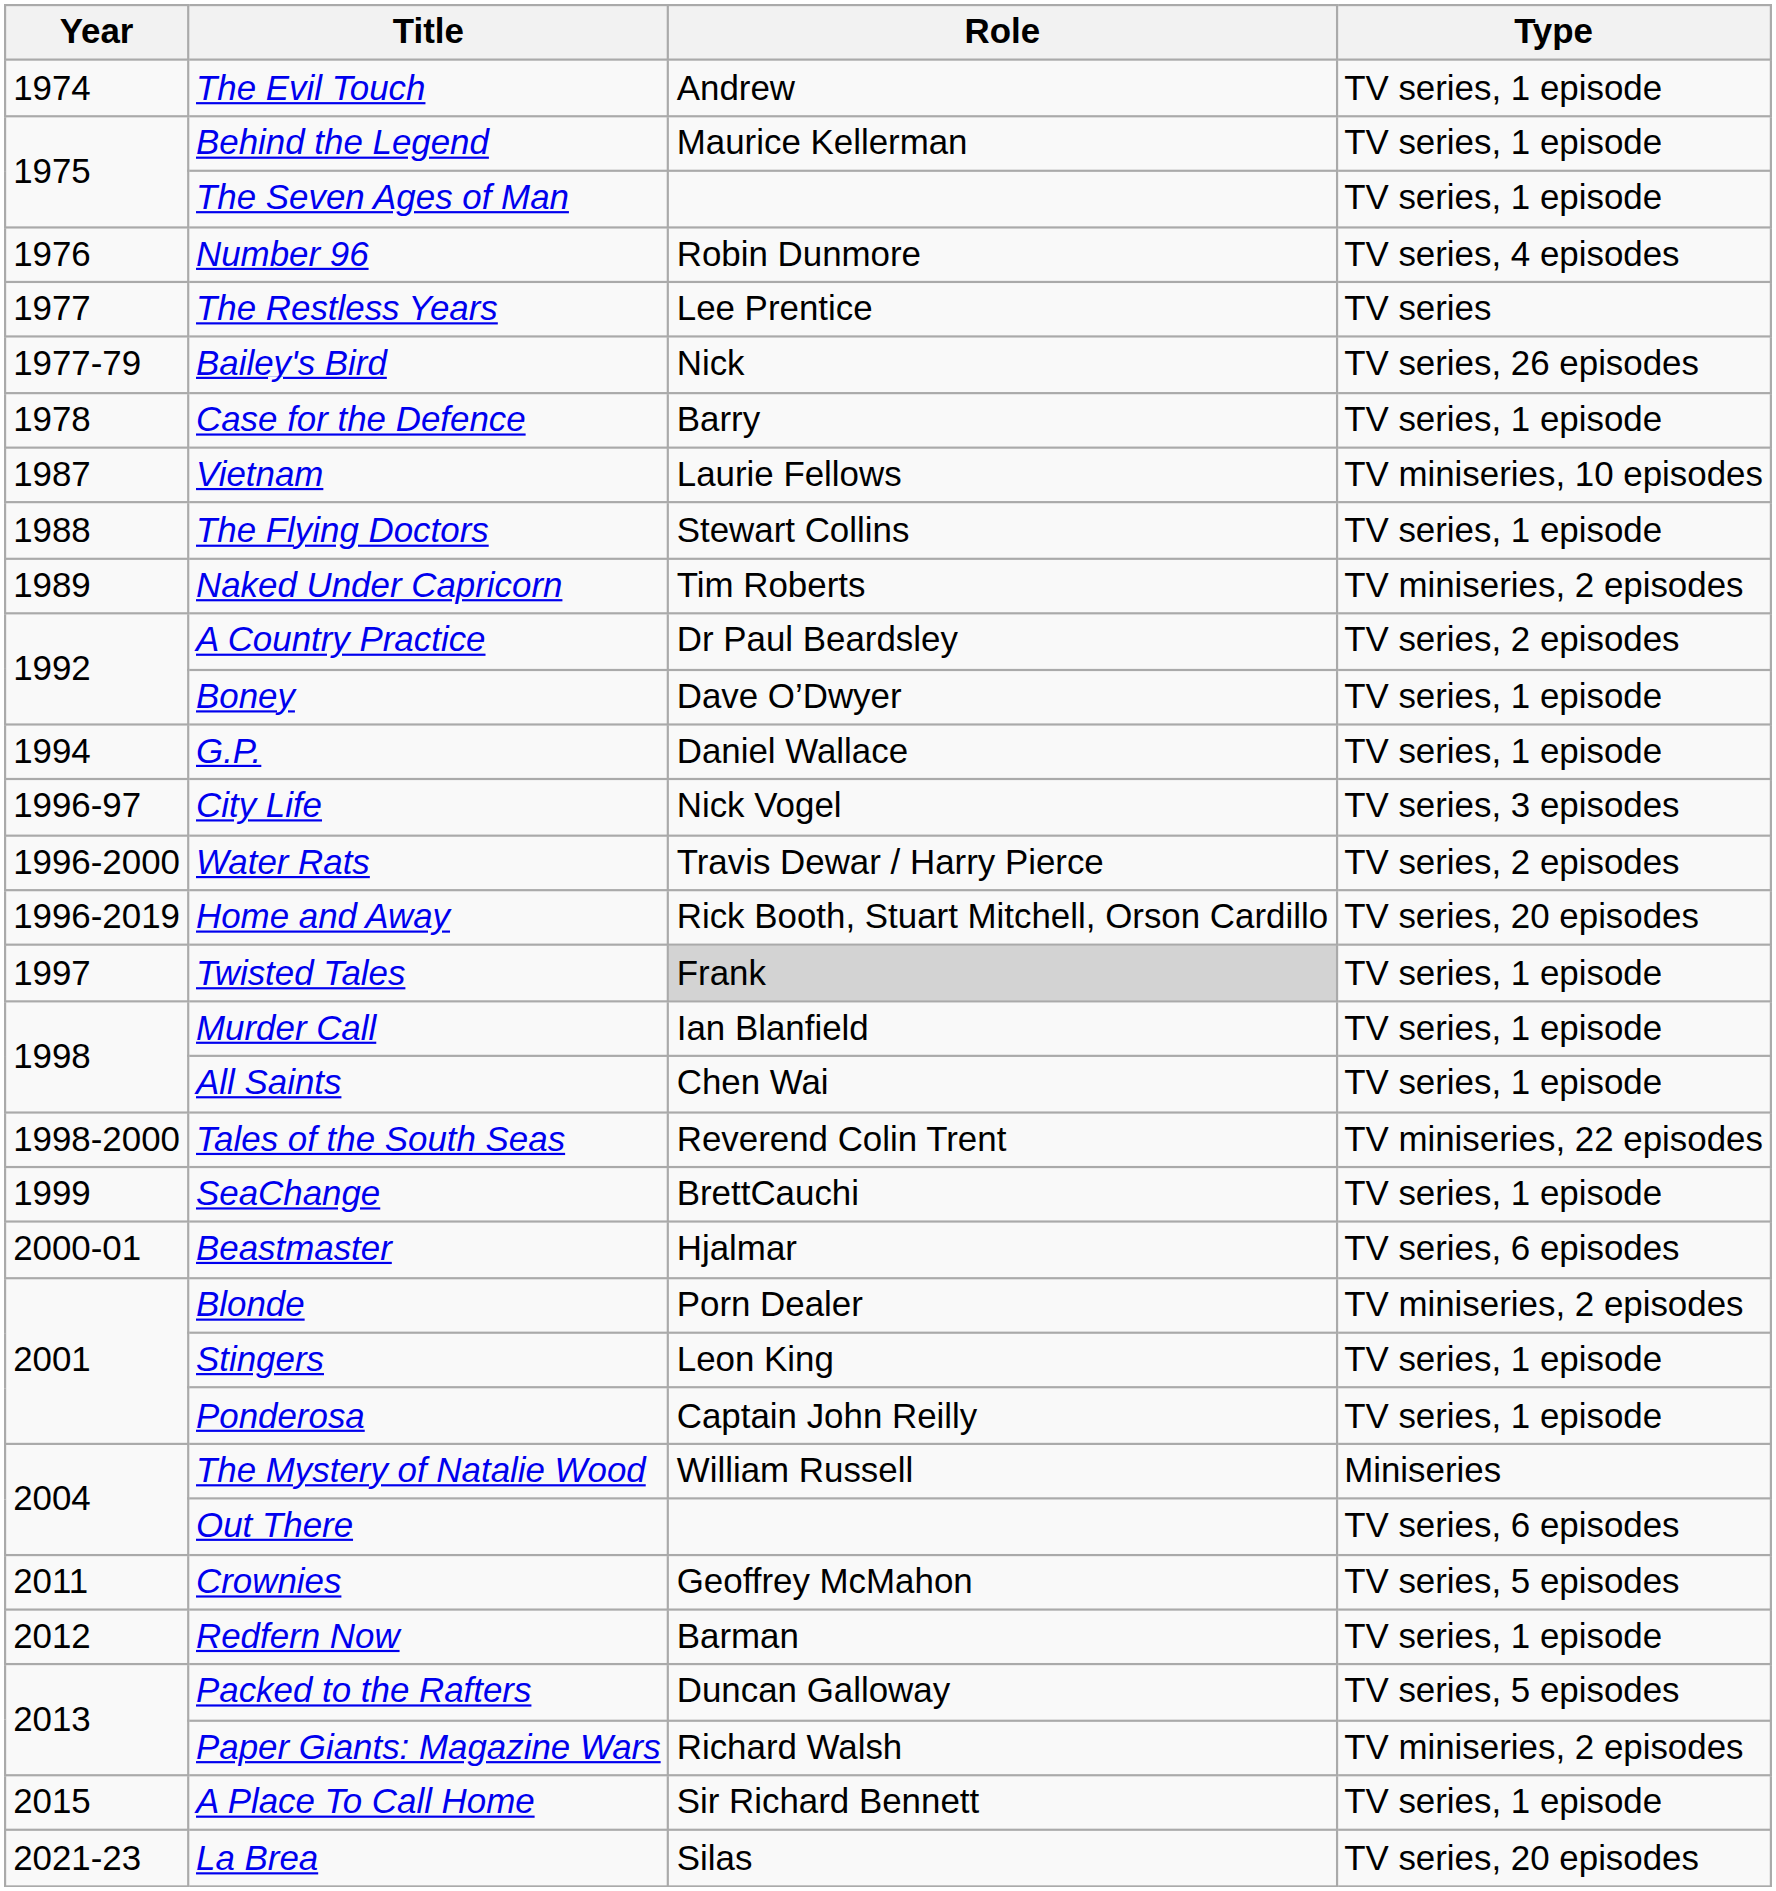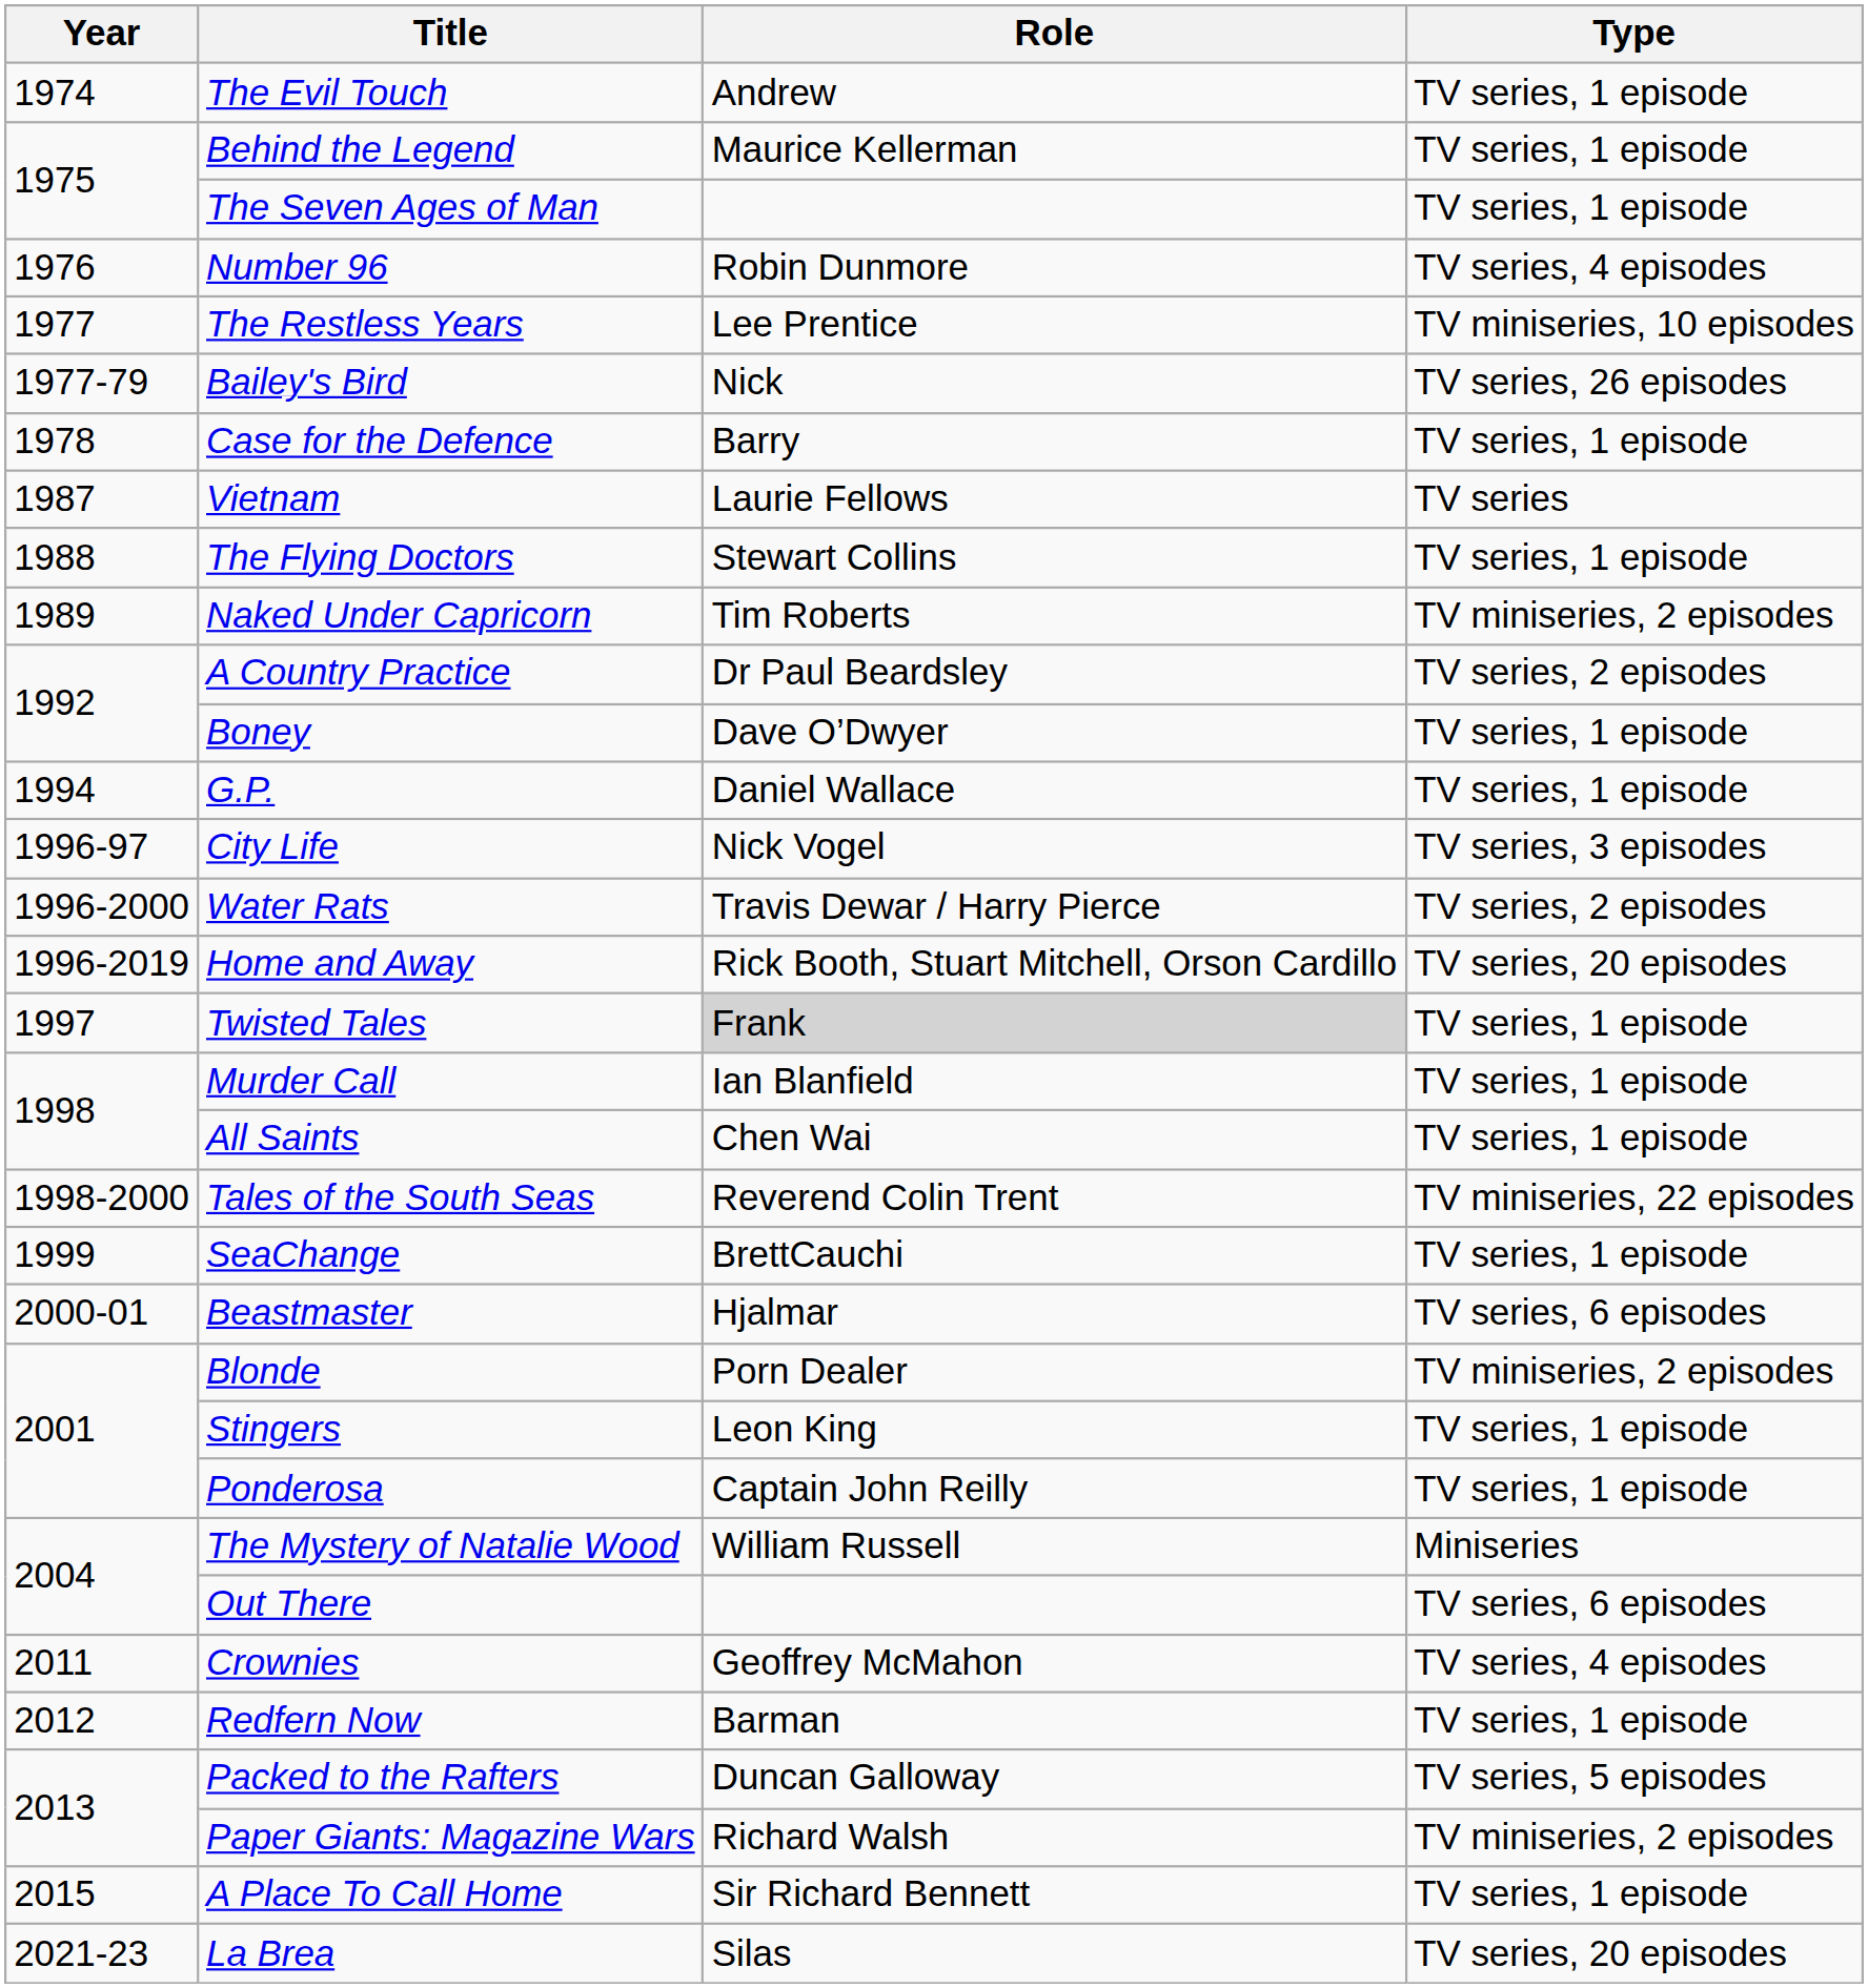 <table class="wikitable">
 <tr>
 <th>Year</th>
 <th>Title</th>
 <th>Role</th>
 <th>Type</th>
 </tr>
 <tr>
 <td>1974</td>
 <td><em><a href='#'>The Evil Touch</a></em></td>
 <td>Andrew</td>
 <td>TV series, 1 episode</td>
 </tr>
 <tr>
 <td rowspan=2>1975</td>
 <td><em><a href='#'>Behind the Legend</a></em></td>
 <td>Maurice Kellerman</td>
 <td>TV series, 1 episode</td>
 </tr>
 <tr>
 <td><em><a href='#'>The Seven Ages of Man</a></em></td>
 <td></td>
 <td>TV series, 1 episode</td>
 </tr>
 <tr>
 <td>1976</td>
 <td><em><a href='#'>Number 96</a></em></td>
 <td>Robin Dunmore</td>
 <td>TV series, 4 episodes</td>
 </tr>
 <tr>
 <td>1977</td>
 <td><em><a href='#'>The Restless Years</a></em></td>
 <td>Lee Prentice</td>
-<td>TV series</td>
+<td>TV miniseries, 10 episodes</td>
 </tr>
 <tr>
 <td>1977-79</td>
 <td><em><a href='#'>Bailey's Bird</a></em></td>
 <td>Nick</td>
 <td>TV series, 26 episodes</td>
 </tr>
 <tr>
 <td>1978</td>
 <td><em><a href='#'>Case for the Defence</a></em></td>
 <td>Barry</td>
 <td>TV series, 1 episode</td>
 </tr>
 <tr>
 <td>1987</td>
 <td><em><a href='#'>Vietnam</a></em></td>
 <td>Laurie Fellows</td>
-<td>TV miniseries, 10 episodes</td>
+<td>TV series</td>
 </tr>
 <tr>
 <td>1988</td>
 <td><em><a href='#'>The Flying Doctors</a></em></td>
 <td>Stewart Collins</td>
 <td>TV series, 1 episode</td>
 </tr>
 <tr>
 <td>1989</td>
 <td><em><a href='#'>Naked Under Capricorn</a></em></td>
 <td>Tim Roberts</td>
 <td>TV miniseries, 2 episodes</td>
 </tr>
 <tr>
 <td rowspan=2>1992</td>
 <td><em><a href='#'>A Country Practice</a></em></td>
 <td>Dr Paul Beardsley</td>
 <td>TV series, 2 episodes</td>
 </tr>
 <tr>
 <td><em><a href='#'>Boney</a></em></td>
 <td>Dave O’Dwyer</td>
 <td>TV series, 1 episode</td>
 </tr>
 <tr>
 <td>1994</td>
 <td><em><a href='#'>G.P.</a></em></td>
 <td>Daniel Wallace</td>
 <td>TV series, 1 episode</td>
 </tr>
 <tr>
 <td>1996-97</td>
 <td><em><a href='#'>City Life</a></em></td>
 <td>Nick Vogel</td>
 <td>TV series, 3 episodes</td>
 </tr>
 <tr>
 <td>1996-2000</td>
 <td><em><a href='#'>Water Rats</a></em></td>
 <td>Travis Dewar / Harry Pierce</td>
 <td>TV series, 2 episodes</td>
 </tr>
 <tr>
 <td>1996-2019</td>
 <td><em><a href='#'>Home and Away</a></em></td>
 <td>Rick Booth, Stuart Mitchell, Orson Cardillo</td>
 <td>TV series, 20 episodes</td>
 </tr>
 <tr>
 <td>1997</td>
 <td><em><a href='#'>Twisted Tales</a></em></td>
 <td style="background: lightgrey;">Frank</td>
 <td>TV series, 1 episode</td>
 </tr>
 <tr>
 <td rowspan=2>1998</td>
 <td><em><a href='#'>Murder Call</a></em></td>
 <td>Ian Blanfield</td>
 <td>TV series, 1 episode</td>
 </tr>
 <tr>
 <td><em><a href='#'>All Saints</a></em></td>
 <td>Chen Wai</td>
 <td>TV series, 1 episode</td>
 </tr>
 <tr>
 <td>1998-2000</td>
 <td><em><a href='#'>Tales of the South Seas</a></em></td>
 <td>Reverend Colin Trent</td>
 <td>TV miniseries, 22 episodes</td>
 </tr>
 <tr>
 <td>1999</td>
 <td><em><a href='#'>SeaChange</a></em></td>
 <td>BrettCauchi</td>
 <td>TV series, 1 episode</td>
 </tr>
 <tr>
 <td>2000-01</td>
 <td><em><a href='#'>Beastmaster</a></em></td>
 <td>Hjalmar</td>
 <td>TV series, 6 episodes</td>
 </tr>
 <tr>
 <td rowspan=3>2001</td>
 <td><em><a href='#'>Blonde</a></em></td>
 <td>Porn Dealer</td>
 <td>TV miniseries, 2 episodes</td>
 </tr>
 <tr>
 <td><em><a href='#'>Stingers</a></em></td>
 <td>Leon King</td>
 <td>TV series, 1 episode</td>
 </tr>
 <tr>
 <td><em><a href='#'>Ponderosa</a></em></td>
 <td>Captain John Reilly</td>
 <td>TV series, 1 episode</td>
 </tr>
 <tr>
 <td rowspan=2>2004</td>
 <td><em><a href='#'>The Mystery of Natalie Wood</a></em></td>
 <td>William Russell</td>
 <td>Miniseries</td>
 </tr>
 <tr>
 <td><em><a href='#'>Out There</a></em></td>
 <td></td>
 <td>TV series, 6 episodes</td>
 </tr>
 <tr>
 <td>2011</td>
 <td><em><a href='#'>Crownies</a></em></td>
 <td>Geoffrey McMahon</td>
-<td>TV series, 5 episodes</td>
+<td>TV series, 4 episodes</td>
 </tr>
 <tr>
 <td>2012</td>
 <td><em><a href='#'>Redfern Now</a></em></td>
 <td>Barman</td>
 <td>TV series, 1 episode</td>
 </tr>
 <tr>
 <td rowspan=2>2013</td>
 <td><em><a href='#'>Packed to the Rafters</a></em></td>
 <td>Duncan Galloway</td>
 <td>TV series, 5 episodes</td>
 </tr>
 <tr>
 <td><em><a href='#'>Paper Giants: Magazine Wars</a></em></td>
 <td>Richard Walsh</td>
 <td>TV miniseries, 2 episodes</td>
 </tr>
 <tr>
 <td>2015</td>
 <td><em><a href='#'>A Place To Call Home</a></em></td>
 <td>Sir Richard Bennett</td>
 <td>TV series, 1 episode</td>
 </tr>
 <tr>
 <td>2021-23</td>
 <td><em><a href='#'>La Brea</a></em></td>
 <td>Silas</td>
 <td>TV series, 20 episodes</td>
 </tr>
 </table>
